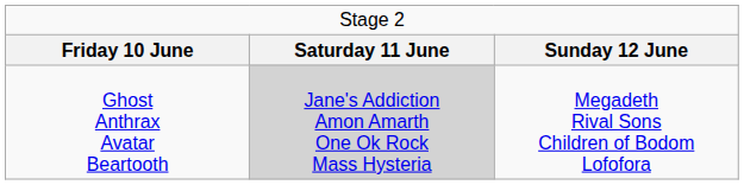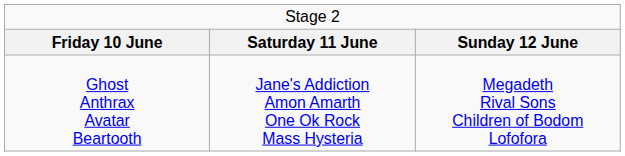 <table class="wikitable">
 <tr>
 <td colspan="3" style="text-align:center;">Stage 2</td>
 </tr>
 <tr>
 <th>Friday 10 June</th>
 <th>Saturday 11 June</th>
 <th>Sunday 12 June</th>
 </tr>
 <tr>
 <td style="text-align:center; vertical-align:top; width:200px;"><br><a href='#'>Ghost</a><br> <a href='#'>Anthrax</a><br> <a href='#'>Avatar</a><br> <a href='#'>Beartooth</a><br></td>
-<td style="background: lightgrey; text-align:center; vertical-align:top; width:200px;"><br><a href='#'>Jane's Addiction</a><br> <a href='#'>Amon Amarth</a><br> <a href='#'>One Ok Rock</a><br> <a href='#'>Mass Hysteria</a><br></td>
+<td style="text-align:center; vertical-align:top; width:200px;"><br><a href='#'>Jane's Addiction</a><br> <a href='#'>Amon Amarth</a><br> <a href='#'>One Ok Rock</a><br> <a href='#'>Mass Hysteria</a><br></td>
 <td style="text-align:center; vertical-align:top; width:200px;"><br><a href='#'>Megadeth</a><br> <a href='#'>Rival Sons</a><br> <a href='#'>Children of Bodom</a><br> <a href='#'>Lofofora</a><br></td>
 </tr>
 </table>
